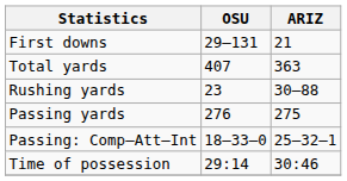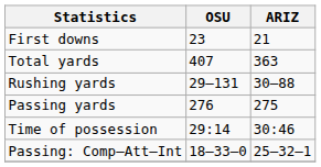 <table class="wikitable" style="float: left;">
 <tr>
 <th>Statistics</th>
 <th>OSU</th>
 <th>ARIZ</th>
 </tr>
 <tr>
 <td>First downs</td>
-<td>29–131</td>
+<td>23</td>
 <td>21</td>
 </tr>
 <tr>
 <td>Total yards</td>
 <td>407</td>
 <td>363</td>
 </tr>
 <tr>
 <td>Rushing yards</td>
-<td>23</td>
+<td>29–131</td>
 <td>30–88</td>
 </tr>
 <tr>
 <td>Passing yards</td>
 <td>276</td>
 <td>275</td>
 </tr>
 <tr>
+<td>Time of possession</td>
+<td>29:14</td>
+<td>30:46</td>
+</tr>
+<tr>
 <td>Passing: Comp–Att–Int</td>
 <td>18–33–0</td>
 <td>25–32–1</td>
 </tr>
 <tr>
-<td>Time of possession</td>
-<td>29:14</td>
-<td>30:46</td>
-</tr>
-<tr>
 </tr>
 </table>
